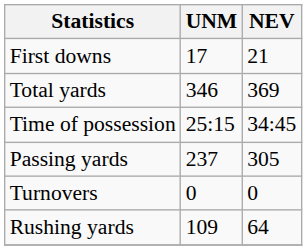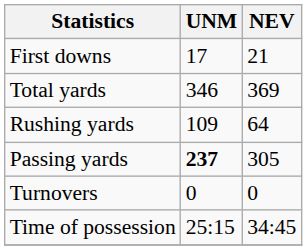 <table class="wikitable">
 <tr>
 <th>Statistics</th>
 <th>UNM</th>
 <th>NEV</th>
 </tr>
 <tr>
 <td>First downs</td>
 <td>17</td>
 <td>21</td>
 </tr>
 <tr>
 <td>Total yards</td>
 <td>346</td>
 <td>369</td>
 </tr>
 <tr>
-<td>Time of possession</td>
-<td>25:15</td>
-<td>34:45</td>
+<td>Rushing yards</td>
+<td>109</td>
+<td>64</td>
 </tr>
 <tr>
 <td>Passing yards</td>
-<td>237</td>
+<td><strong>237</strong></td>
 <td>305</td>
 </tr>
 <tr>
 <td>Turnovers</td>
 <td>0</td>
 <td>0</td>
 </tr>
 <tr>
-<td>Rushing yards</td>
-<td>109</td>
-<td>64</td>
+<td>Time of possession</td>
+<td>25:15</td>
+<td>34:45</td>
 </tr>
 <tr>
 </tr>
 </table>
